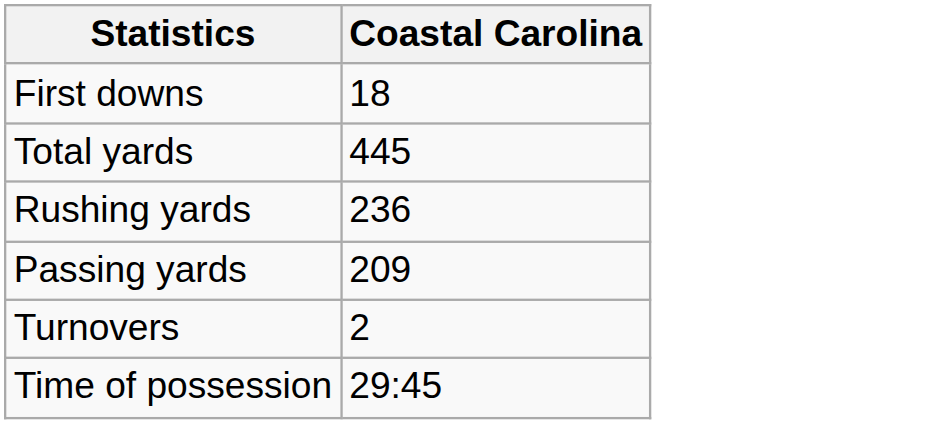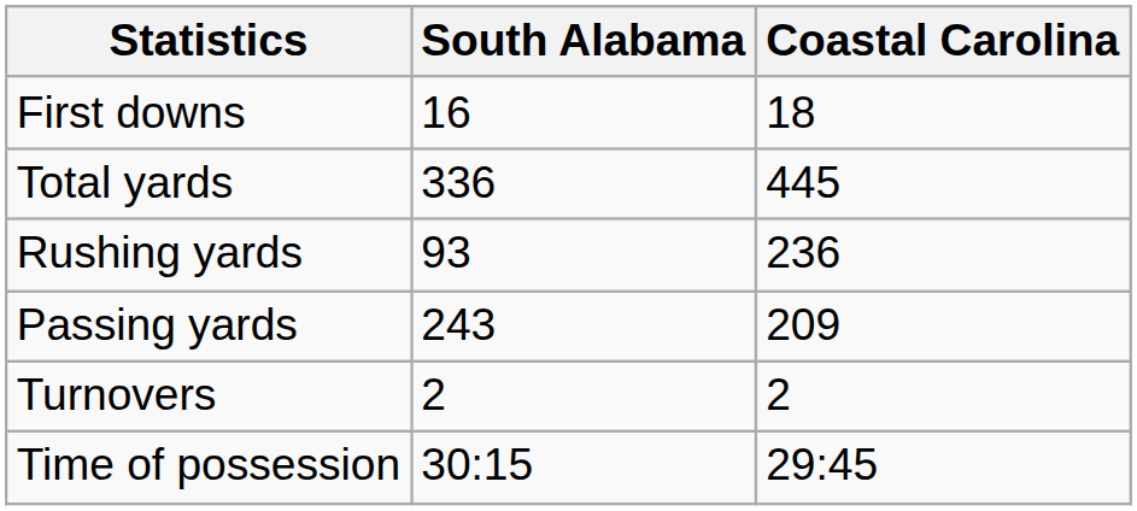 <table class="wikitable">
 <tr>
 <th>Statistics</th>
+<th>South Alabama</th>
 <th>Coastal Carolina</th>
 </tr>
 <tr>
 <td>First downs</td>
+<td>16</td>
 <td>18</td>
 </tr>
 <tr>
 <td>Total yards</td>
+<td>336</td>
 <td>445</td>
 </tr>
 <tr>
 <td>Rushing yards</td>
+<td>93</td>
 <td>236</td>
 </tr>
 <tr>
 <td>Passing yards</td>
+<td>243</td>
 <td>209</td>
 </tr>
 <tr>
 <td>Turnovers</td>
 <td>2</td>
+<td>2</td>
 </tr>
 <tr>
 <td>Time of possession</td>
+<td>30:15</td>
 <td>29:45</td>
 </tr>
 </table>
